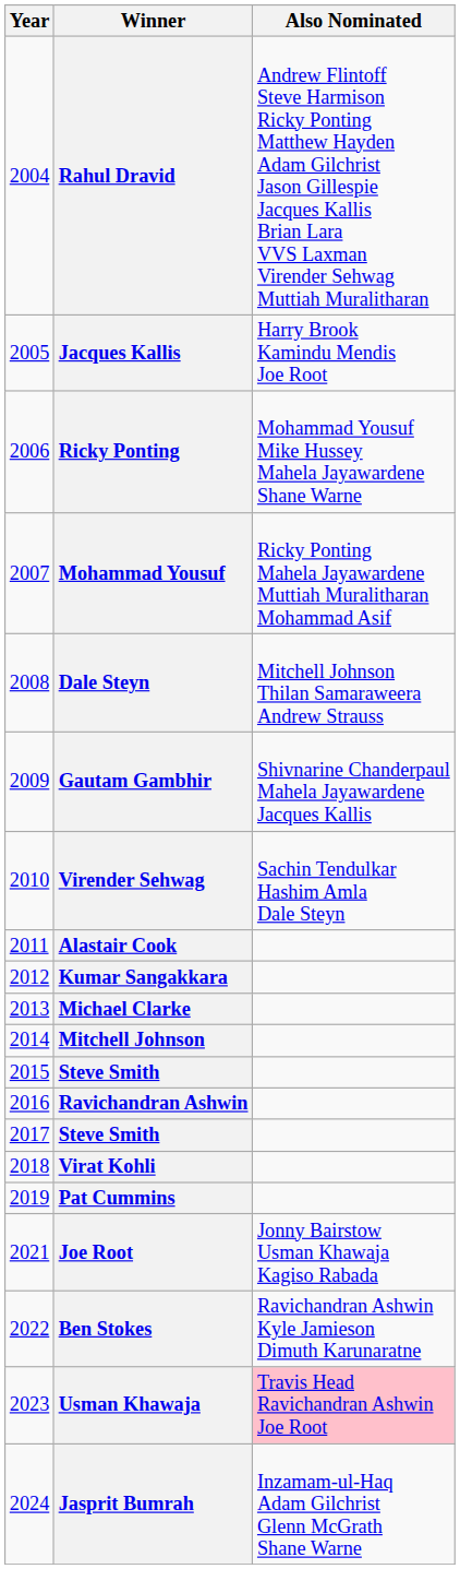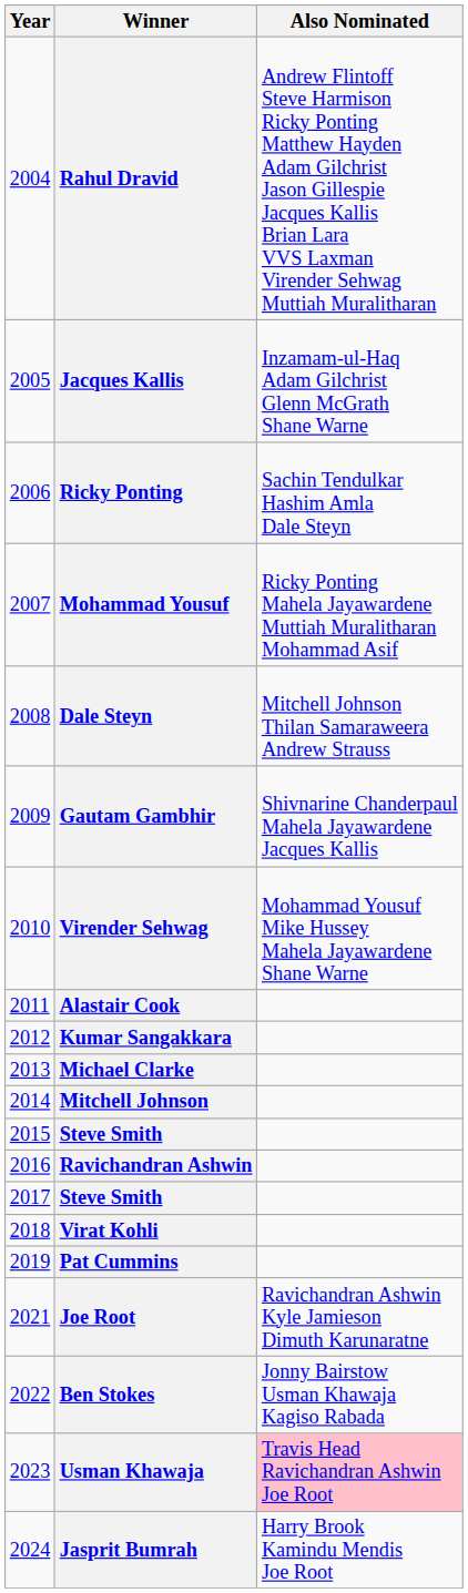 <table class="wikitable">
 <tr>
 <th>Year</th>
 <th>Winner</th>
 <th>Also Nominated</th>
 </tr>
 <tr>
 <td><a href='#'>2004</a></td>
 <th style="text-align:left;"> <a href='#'>Rahul Dravid</a></th>
 <td><br> <a href='#'>Andrew Flintoff</a><br>  <a href='#'>Steve Harmison</a><br>  <a href='#'>Ricky Ponting</a><br>  <a href='#'>Matthew Hayden</a><br>  <a href='#'>Adam Gilchrist</a><br>  <a href='#'>Jason Gillespie</a><br>  <a href='#'>Jacques Kallis</a><br>  <a href='#'>Brian Lara</a><br>  <a href='#'>VVS Laxman</a><br>  <a href='#'>Virender Sehwag</a><br>  <a href='#'>Muttiah Muralitharan</a></td>
 </tr>
 <tr>
 <td><a href='#'>2005</a></td>
 <th style="text-align:left;"> <a href='#'>Jacques Kallis</a></th>
-<td> <a href='#'>Harry Brook</a> <br> <a href='#'>Kamindu Mendis</a> <br> <a href='#'>Joe Root</a></td>
+<td><br> <a href='#'>Inzamam-ul-Haq</a><br>  <a href='#'>Adam Gilchrist</a><br>  <a href='#'>Glenn McGrath</a><br>  <a href='#'>Shane Warne</a></td>
 </tr>
 <tr>
 <td><a href='#'>2006</a></td>
 <th style="text-align:left;"> <a href='#'>Ricky Ponting</a></th>
-<td><br> <a href='#'>Mohammad Yousuf</a><br>  <a href='#'>Mike Hussey</a><br>  <a href='#'>Mahela Jayawardene</a><br>  <a href='#'>Shane Warne</a></td>
+<td><br> <a href='#'>Sachin Tendulkar</a><br>  <a href='#'>Hashim Amla</a><br>  <a href='#'>Dale Steyn</a><br></td>
 </tr>
 <tr>
 <td><a href='#'>2007</a></td>
 <th style="text-align:left;">  <a href='#'>Mohammad Yousuf</a></th>
 <td><br> <a href='#'>Ricky Ponting</a> <br>  <a href='#'>Mahela Jayawardene</a> <br>  <a href='#'>Muttiah Muralitharan</a> <br>  <a href='#'>Mohammad Asif</a></td>
 </tr>
 <tr>
 <td><a href='#'>2008</a></td>
 <th style="text-align:left;"> <a href='#'>Dale Steyn</a></th>
 <td><br> <a href='#'>Mitchell Johnson</a><br>   <a href='#'>Thilan Samaraweera</a><br>  <a href='#'>Andrew Strauss</a><br></td>
 </tr>
 <tr>
 <td><a href='#'>2009</a></td>
 <th style="text-align:left;"> <a href='#'>Gautam Gambhir</a></th>
 <td><br> <a href='#'>Shivnarine Chanderpaul</a><br> <a href='#'>Mahela Jayawardene</a><br>  <a href='#'>Jacques Kallis</a><br></td>
 </tr>
 <tr>
 <td><a href='#'>2010</a></td>
 <th style="text-align:left;"> <a href='#'>Virender Sehwag</a></th>
-<td><br> <a href='#'>Sachin Tendulkar</a><br>  <a href='#'>Hashim Amla</a><br>  <a href='#'>Dale Steyn</a><br></td>
+<td><br> <a href='#'>Mohammad Yousuf</a><br>  <a href='#'>Mike Hussey</a><br>  <a href='#'>Mahela Jayawardene</a><br>  <a href='#'>Shane Warne</a></td>
 </tr>
 <tr>
 <td><a href='#'>2011</a></td>
 <th style="text-align:left;"> <a href='#'>Alastair Cook</a></th>
 <td></td>
 </tr>
 <tr>
 <td><a href='#'>2012</a></td>
 <th style="text-align:left;"> <a href='#'>Kumar Sangakkara</a></th>
 <td></td>
 </tr>
 <tr>
 <td><a href='#'>2013</a></td>
 <th style="text-align:left;"> <a href='#'>Michael Clarke</a></th>
 <td></td>
 </tr>
 <tr>
 <td><a href='#'>2014</a></td>
 <th style="text-align:left;"> <a href='#'>Mitchell Johnson</a></th>
 <td></td>
 </tr>
 <tr>
 <td><a href='#'>2015</a></td>
 <th style="text-align:left;"> <a href='#'>Steve Smith</a></th>
 <td></td>
 </tr>
 <tr>
 <td><a href='#'>2016</a></td>
 <th style="text-align:left;"> <a href='#'>Ravichandran Ashwin</a></th>
 <td></td>
 </tr>
 <tr>
 <td><a href='#'>2017</a></td>
 <th style="text-align:left;"> <a href='#'>Steve Smith</a></th>
 <td></td>
 </tr>
 <tr>
 <td><a href='#'>2018</a></td>
 <th style="text-align:left;"> <a href='#'>Virat Kohli</a></th>
 <td></td>
 </tr>
 <tr>
 <td><a href='#'>2019</a></td>
 <th style="text-align:left;"> <a href='#'>Pat Cummins</a></th>
 <td></td>
 </tr>
 <tr>
 <td><a href='#'>2021</a></td>
 <th style="text-align:left;"> <a href='#'>Joe Root</a></th>
-<td> <a href='#'>Jonny Bairstow</a> <br> <a href='#'>Usman Khawaja</a> <br> <a href='#'>Kagiso Rabada</a></td>
+<td> <a href='#'>Ravichandran Ashwin</a> <br> <a href='#'>Kyle Jamieson</a><br> <a href='#'>Dimuth Karunaratne</a></td>
 </tr>
 <tr>
 <td><a href='#'>2022</a></td>
 <th style="text-align:left;"> <a href='#'>Ben Stokes</a></th>
-<td> <a href='#'>Ravichandran Ashwin</a> <br> <a href='#'>Kyle Jamieson</a><br> <a href='#'>Dimuth Karunaratne</a></td>
+<td> <a href='#'>Jonny Bairstow</a> <br> <a href='#'>Usman Khawaja</a> <br> <a href='#'>Kagiso Rabada</a></td>
 </tr>
 <tr>
 <td><a href='#'>2023</a></td>
 <th style="text-align:left;"> <a href='#'>Usman Khawaja</a></th>
 <td style="background: pink;"> <a href='#'>Travis Head</a> <br> <a href='#'>Ravichandran Ashwin</a> <br> <a href='#'>Joe Root</a></td>
 </tr>
 <tr>
 <td><a href='#'>2024</a></td>
 <th style="text-align:left;"> <a href='#'>Jasprit Bumrah</a></th>
-<td><br> <a href='#'>Inzamam-ul-Haq</a><br>  <a href='#'>Adam Gilchrist</a><br>  <a href='#'>Glenn McGrath</a><br>  <a href='#'>Shane Warne</a></td>
+<td> <a href='#'>Harry Brook</a> <br> <a href='#'>Kamindu Mendis</a> <br> <a href='#'>Joe Root</a></td>
 </tr>
 <tr>
 </tr>
 </table>
